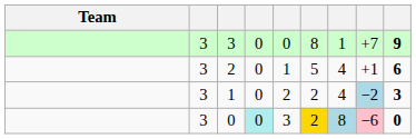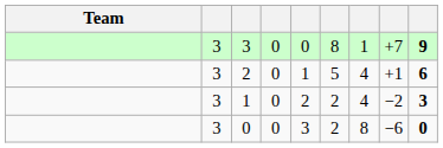 <table class="wikitable" style="text-align: center;">
 <tr>
 <th width="175">Team</th>
 <th width="20"></th>
 <th width="20"></th>
 <th width="20"></th>
 <th width="20"></th>
 <th width="20"></th>
 <th width="20"></th>
 <th width="20"></th>
 <th width="20"></th>
 </tr>
 <tr bgcolor=ccffcc>
 <td align=left></td>
 <td>3</td>
 <td>3</td>
 <td>0</td>
 <td>0</td>
 <td>8</td>
 <td>1</td>
 <td>+7</td>
 <td><strong>9</strong></td>
 </tr>
 <tr>
 <td align=left><em></em></td>
 <td>3</td>
 <td>2</td>
 <td>0</td>
 <td>1</td>
 <td>5</td>
 <td>4</td>
 <td>+1</td>
 <td><strong>6</strong></td>
 </tr>
 <tr>
 <td align=left></td>
 <td>3</td>
 <td>1</td>
 <td>0</td>
 <td>2</td>
 <td>2</td>
 <td>4</td>
-<td style="background: lightblue;">−2</td>
+<td>−2</td>
 <td><strong>3</strong></td>
 </tr>
 <tr>
 <td align=left></td>
 <td>3</td>
 <td>0</td>
-<td style="background: paleturquoise;">0</td>
+<td>0</td>
 <td>3</td>
-<td style="background: gold;">2</td>
-<td style="background: lightblue;">8</td>
-<td style="background: pink;">−6</td>
+<td>2</td>
+<td>8</td>
+<td>−6</td>
 <td><strong>0</strong></td>
 </tr>
 </table>
